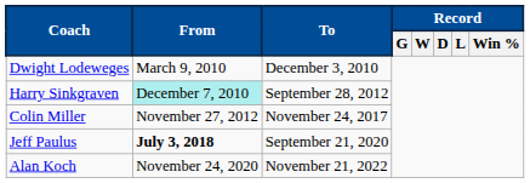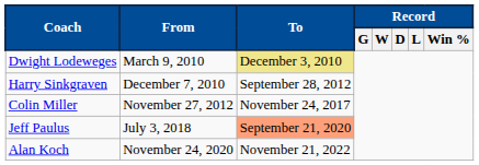 <table class="wikitable" style="text-align: center">
 <tr>
 <th style="background:#004c97; color:#FFFFFF; border: 2px solid #0d2340;" scope="col" rowspan="2">Coach</th>
 <th style="background:#004c97; color:#FFFFFF; border: 2px solid #0d2340;" scope="col" rowspan="2">From</th>
 <th style="background:#004c97; color:#FFFFFF; border: 2px solid #0d2340;" scope="col" rowspan="2">To</th>
 <th colspan="5" style="background:#004c97; color:#FFFFFF; border: 2px solid #0d2340;" scope="col">Record</th>
 </tr>
 <tr>
 <th>G</th>
 <th>W</th>
 <th>D</th>
 <th>L</th>
 <th>Win %</th>
 </tr>
 <tr>
 <td style="text-align: left"> <a href='#'>Dwight Lodeweges</a></td>
 <td style="text-align: left">March 9, 2010</td>
-<td style="text-align: left">December 3, 2010<br></td>
+<td style="background: khaki; text-align: left">December 3, 2010<br></td>
 </tr>
 <tr>
 <td style="text-align: left"> <a href='#'>Harry Sinkgraven</a></td>
-<td style="background: paleturquoise; text-align: left">December 7, 2010</td>
+<td style="text-align: left">December 7, 2010</td>
 <td style="text-align: left">September 28, 2012<br></td>
 </tr>
 <tr>
 <td style="text-align: left"> <a href='#'>Colin Miller</a></td>
 <td style="text-align: left">November 27, 2012</td>
 <td style="text-align: left">November 24, 2017<br></td>
 </tr>
 <tr>
 <td style="text-align: left"> <a href='#'>Jeff Paulus</a></td>
-<td style="text-align: left"><strong>July 3, 2018</strong></td>
-<td style="text-align: left">September 21, 2020<br></td>
+<td style="text-align: left">July 3, 2018</td>
+<td style="background: lightsalmon; text-align: left">September 21, 2020<br></td>
 </tr>
 <tr>
 <td style="text-align: left"> <a href='#'>Alan Koch</a></td>
 <td style="text-align: left">November 24, 2020</td>
 <td style="text-align: left">November 21, 2022<br></td>
 </tr>
 </table>
